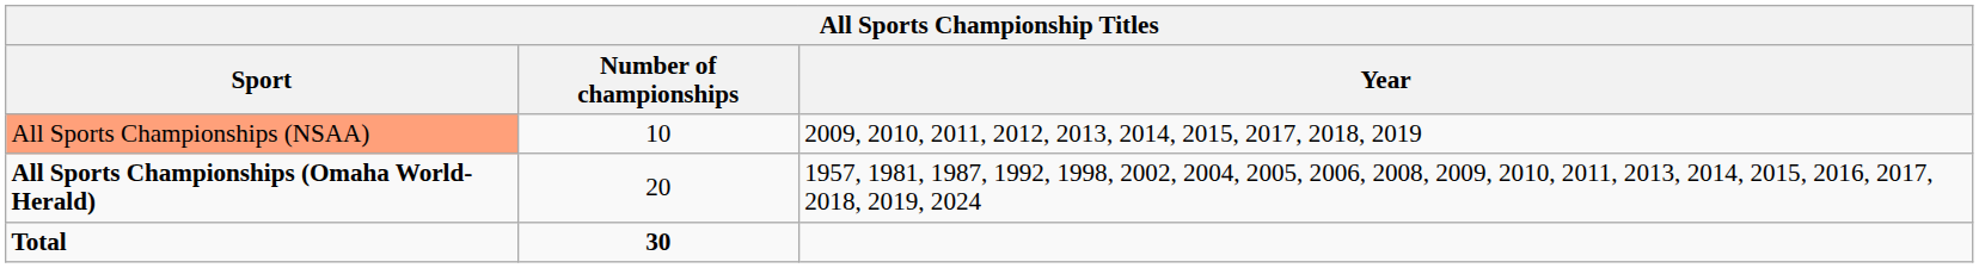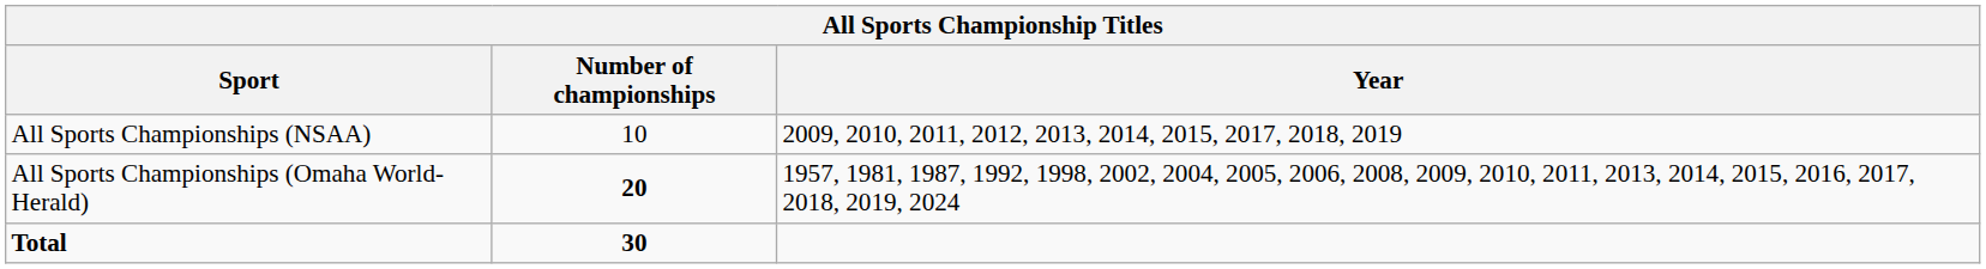 <table class="wikitable">
 <tr>
 <th colspan="3">All Sports Championship Titles</th>
 </tr>
 <tr>
 <th>Sport</th>
 <th>Number of championships</th>
 <th>Year</th>
 </tr>
 <tr>
-<td style="background: lightsalmon;">All Sports Championships (NSAA)</td>
+<td>All Sports Championships (NSAA)</td>
 <td align="center">10</td>
 <td>2009, 2010, 2011, 2012, 2013, 2014, 2015, 2017, 2018, 2019</td>
 </tr>
 <tr>
-<td><strong>All Sports Championships (Omaha World-Herald)</strong></td>
-<td align="center">20</td>
+<td>All Sports Championships (Omaha World-Herald)</td>
+<td align="center"><strong>20</strong></td>
 <td>1957, 1981, 1987, 1992, 1998, 2002, 2004, 2005, 2006, 2008, 2009, 2010, 2011, 2013, 2014, 2015, 2016, 2017, 2018, 2019, 2024</td>
 </tr>
 <tr>
 <td><strong>Total</strong></td>
 <td align="center"><strong>30</strong></td>
 <td></td>
 </tr>
 </table>
